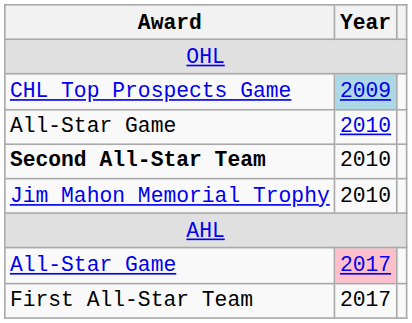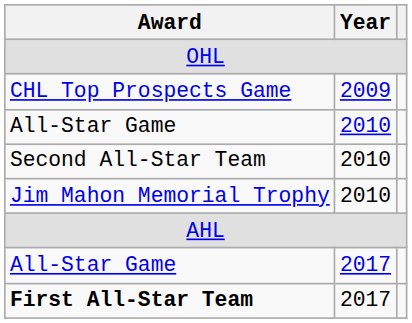 <table class="wikitable">
 <tr>
 <th>Award</th>
 <th>Year</th>
 <th></th>
 </tr>
 <tr ALIGN="center" bgcolor="#e0e0e0">
 <td colspan="3"><a href='#'>OHL</a></td>
 </tr>
 <tr>
 <td><a href='#'>CHL Top Prospects Game</a></td>
-<td style="background: lightblue;"><a href='#'>2009</a></td>
+<td><a href='#'>2009</a></td>
 <td></td>
 </tr>
 <tr>
 <td>All-Star Game</td>
 <td><a href='#'>2010</a></td>
 <td></td>
 </tr>
 <tr>
-<td><strong>Second All-Star Team</strong></td>
+<td>Second All-Star Team</td>
 <td>2010</td>
 <td></td>
 </tr>
 <tr>
 <td><a href='#'>Jim Mahon Memorial Trophy</a></td>
 <td>2010</td>
 <td></td>
 </tr>
 <tr ALIGN="center" bgcolor="#e0e0e0">
 <td colspan="3"><a href='#'>AHL</a></td>
 </tr>
 <tr>
 <td><a href='#'>All-Star Game</a></td>
-<td style="background: pink;"><a href='#'>2017</a></td>
+<td><a href='#'>2017</a></td>
 <td></td>
 </tr>
 <tr>
-<td>First All-Star Team</td>
+<td><strong>First All-Star Team</strong></td>
 <td>2017</td>
 <td></td>
 </tr>
 </table>
